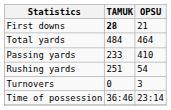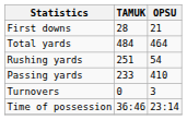 <table class="wikitable">
 <tr>
 <th>Statistics</th>
 <th>TAMUK</th>
 <th>OPSU</th>
 </tr>
 <tr>
 <td>First downs</td>
-<td><strong>28</strong></td>
+<td>28</td>
 <td>21</td>
 </tr>
 <tr>
 <td>Total yards</td>
 <td>484</td>
 <td>464</td>
 </tr>
 <tr>
+<td>Rushing yards</td>
+<td>251</td>
+<td>54</td>
+</tr>
+<tr>
 <td>Passing yards</td>
 <td>233</td>
 <td>410</td>
-</tr>
-<tr>
-<td>Rushing yards</td>
-<td>251</td>
-<td>54</td>
 </tr>
 <tr>
 <td>Turnovers</td>
 <td>0</td>
 <td>3</td>
 </tr>
 <tr>
 <td>Time of possession</td>
 <td>36:46</td>
 <td>23:14</td>
 </tr>
 <tr>
 </tr>
 </table>
